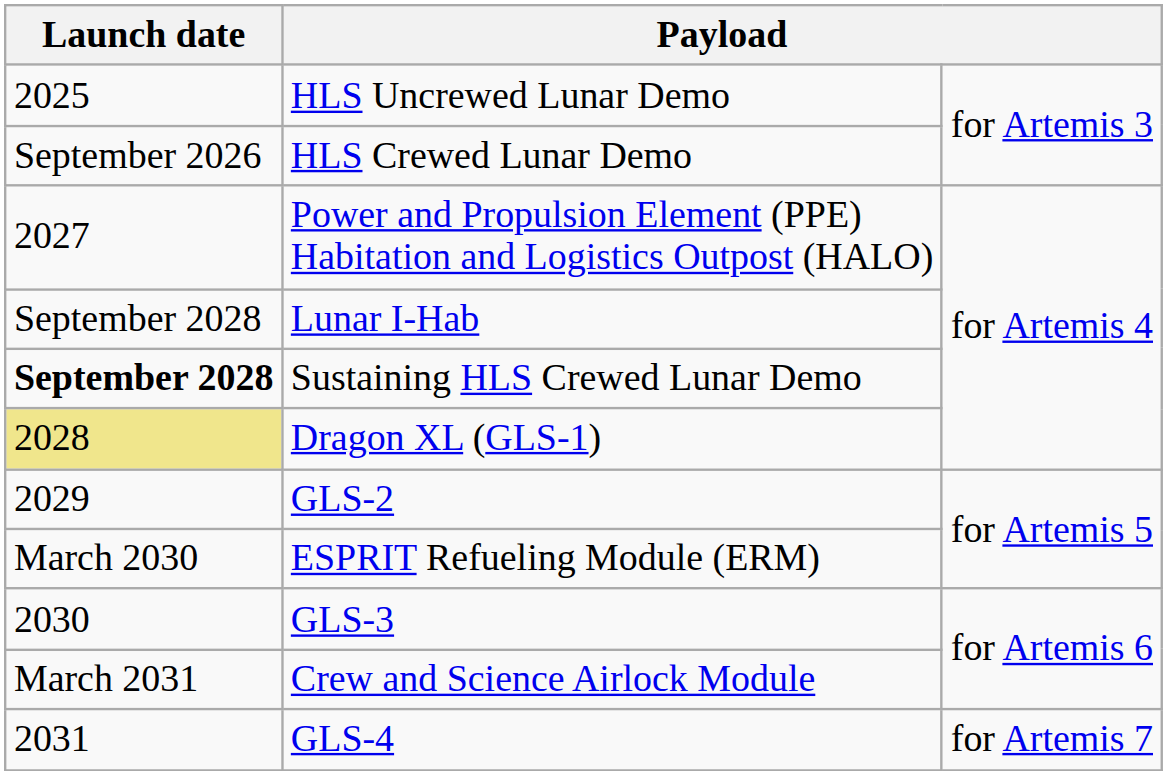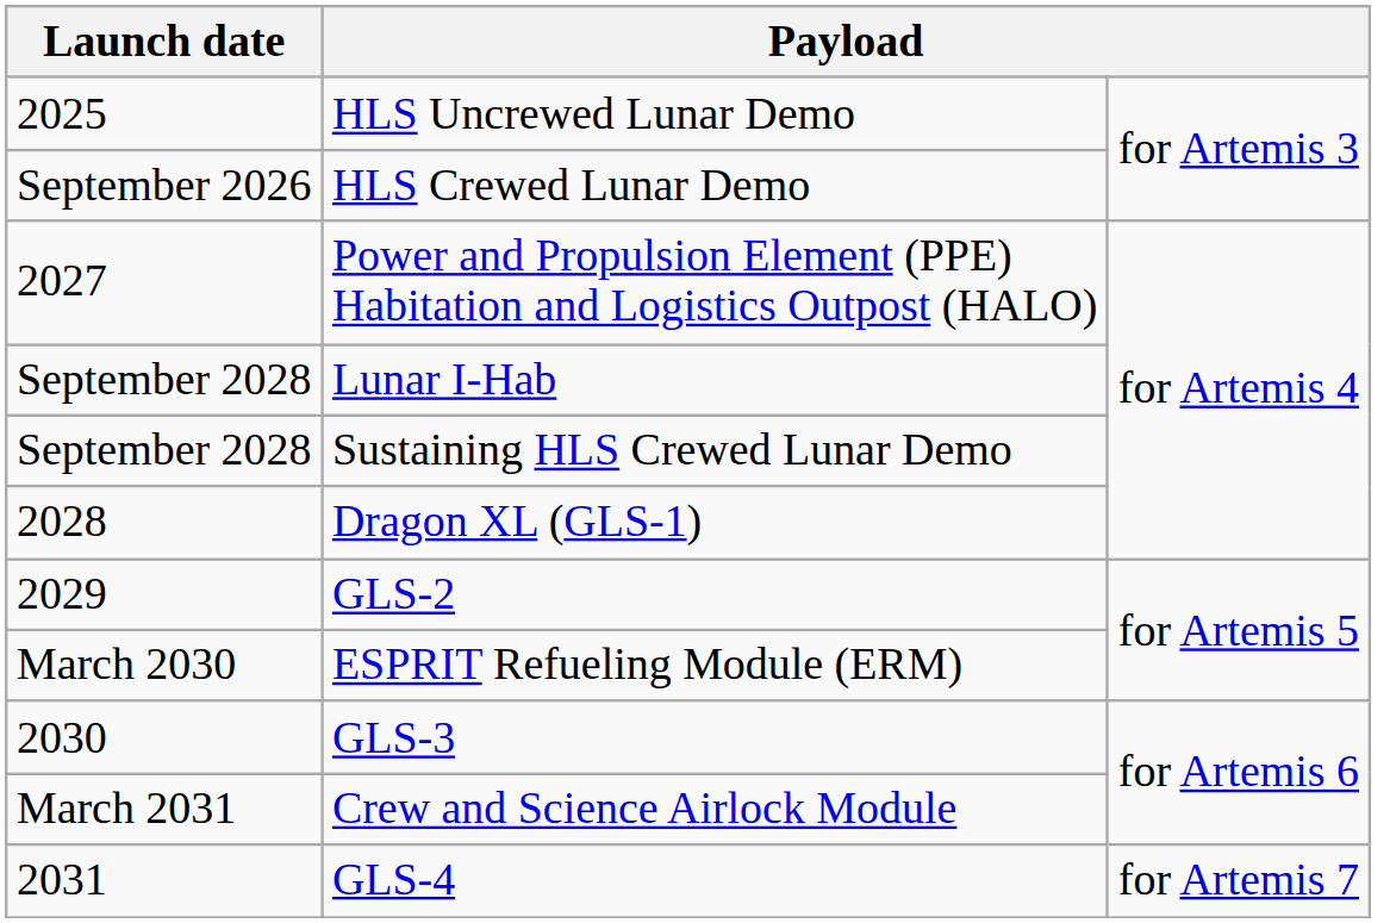 <table class="wikitable sortable">
 <tr>
 <th scope="col">Launch date</th>
 <th scope="col" colspan="2">Payload</th>
 </tr>
 <tr>
 <td data-sort-value="20250000">2025</td>
 <td><a href='#'>HLS</a> Uncrewed Lunar Demo</td>
 <td rowspan="2">for <a href='#'>Artemis 3</a></td>
 </tr>
 <tr>
 <td data-sort-value="20260900">September 2026</td>
 <td><a href='#'>HLS</a> Crewed Lunar Demo</td>
 </tr>
 <tr>
 <td data-sort-value="20270000">2027</td>
 <td><a href='#'>Power and Propulsion Element</a> (PPE)<br><a href='#'>Habitation and Logistics Outpost</a> (HALO)</td>
 <td rowspan="4">for <a href='#'>Artemis 4</a></td>
 </tr>
 <tr>
 <td data-sort-value="20280900">September 2028</td>
 <td><a href='#'>Lunar I-Hab</a></td>
 </tr>
 <tr>
-<td data-sort-value="20280900"><strong>September 2028</strong></td>
+<td data-sort-value="20280900">September 2028</td>
 <td>Sustaining <a href='#'>HLS</a> Crewed Lunar Demo</td>
 </tr>
 <tr>
-<td data-sort-value="20280000" style="background: khaki;">2028</td>
+<td data-sort-value="20280000">2028</td>
 <td><a href='#'>Dragon XL</a> (<a href='#'>GLS-1</a>)</td>
 </tr>
 <tr>
 <td data-sort-value="20290000">2029</td>
 <td><a href='#'>GLS-2</a></td>
 <td rowspan="2">for <a href='#'>Artemis 5</a></td>
 </tr>
 <tr>
 <td data-sort-value="20300300">March 2030</td>
 <td><a href='#'>ESPRIT</a> Refueling Module (ERM)</td>
 </tr>
 <tr>
 <td data-sort-value="20300000">2030</td>
 <td><a href='#'>GLS-3</a></td>
 <td rowspan="2">for <a href='#'>Artemis 6</a></td>
 </tr>
 <tr>
 <td data-sort-value="20310300">March 2031</td>
 <td><a href='#'>Crew and Science Airlock Module</a></td>
 </tr>
 <tr>
 <td data-sort-value="20310000">2031</td>
 <td><a href='#'>GLS-4</a></td>
 <td rowspan="1">for <a href='#'>Artemis 7</a></td>
 </tr>
 <tr>
 </tr>
 </table>
